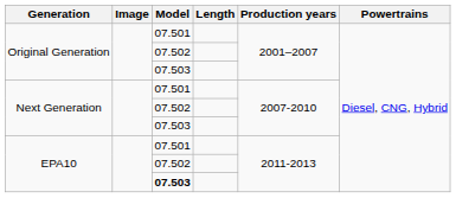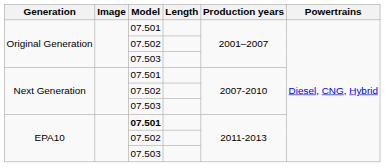 <table class="wikitable" style="text-align:center">
 <tr>
 <th>Generation</th>
 <th>Image</th>
 <th>Model</th>
 <th>Length</th>
 <th>Production years</th>
 <th>Powertrains</th>
 </tr>
 <tr>
 <td rowspan="3">Original Generation</td>
 <td rowspan=3></td>
 <td>07.501</td>
 <td></td>
 <td rowspan="3">2001–2007</td>
 <td rowspan="9"><a href='#'>Diesel</a>, <a href='#'>CNG</a>, <a href='#'>Hybrid</a></td>
 </tr>
 <tr>
 <td>07.502</td>
 <td></td>
 </tr>
 <tr>
 <td>07.503</td>
 <td></td>
 </tr>
 <tr>
 <td rowspan="3">Next Generation</td>
 <td rowspan=3></td>
 <td>07.501</td>
 <td></td>
 <td rowspan="3">2007-2010</td>
 </tr>
 <tr>
 <td>07.502</td>
 <td></td>
 </tr>
 <tr>
 <td>07.503</td>
 <td></td>
 </tr>
 <tr>
 <td rowspan="3">EPA10</td>
 <td rowspan=3></td>
-<td>07.501</td>
+<td><strong>07.501</strong></td>
 <td></td>
 <td rowspan="3">2011-2013</td>
 </tr>
 <tr>
 <td>07.502</td>
 <td></td>
 </tr>
 <tr>
-<td><strong>07.503</strong></td>
+<td>07.503</td>
 <td></td>
 </tr>
 </table>
